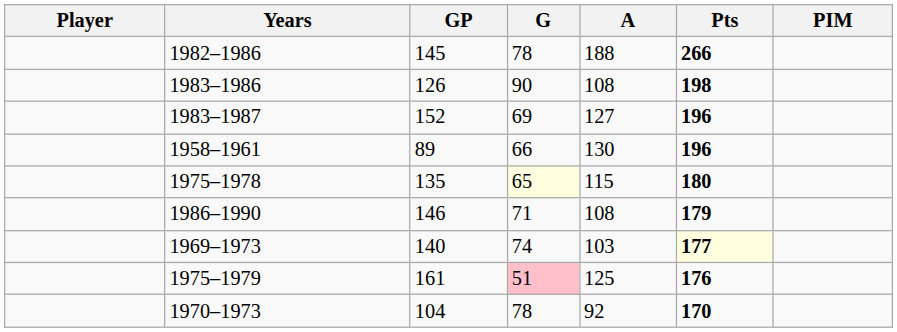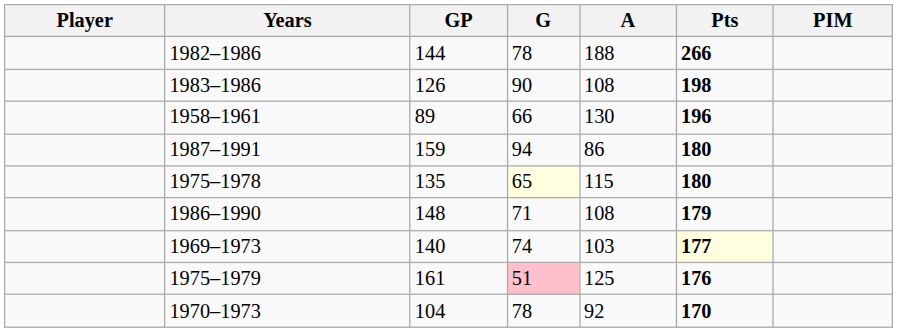 <table class="wikitable sortable" width ="700" cellpadding="1" border="1" cellspacing="0">
 <tr>
 <th>Player</th>
 <th>Years</th>
 <th>GP</th>
 <th>G</th>
 <th>A</th>
 <th>Pts</th>
 <th>PIM</th>
 </tr>
 <tr>
 <td></td>
 <td>1982–1986</td>
-<td>145</td>
+<td>144</td>
 <td>78</td>
 <td>188</td>
 <td><strong>266</strong></td>
 <td></td>
 </tr>
 <tr>
 <td></td>
 <td>1983–1986</td>
 <td>126</td>
 <td>90</td>
 <td>108</td>
 <td><strong>198</strong></td>
 <td></td>
 </tr>
 <tr>
 <td></td>
-<td>1983–1987</td>
-<td>152</td>
-<td>69</td>
-<td>127</td>
+<td>1958–1961</td>
+<td>89</td>
+<td>66</td>
+<td>130</td>
 <td><strong>196</strong></td>
 <td></td>
 </tr>
 <tr>
 <td></td>
-<td>1958–1961</td>
-<td>89</td>
-<td>66</td>
-<td>130</td>
-<td><strong>196</strong></td>
+<td>1987–1991</td>
+<td>159</td>
+<td>94</td>
+<td>86</td>
+<td><strong>180</strong></td>
 <td></td>
 </tr>
 <tr>
 <td></td>
 <td>1975–1978</td>
 <td>135</td>
 <td style="background: lightyellow;">65</td>
 <td>115</td>
 <td><strong>180</strong></td>
 <td></td>
 </tr>
 <tr>
 <td></td>
 <td>1986–1990</td>
-<td>146</td>
+<td>148</td>
 <td>71</td>
 <td>108</td>
 <td><strong>179</strong></td>
 <td></td>
 </tr>
 <tr>
 <td></td>
 <td>1969–1973</td>
 <td>140</td>
 <td>74</td>
 <td>103</td>
 <td style="background: lightyellow;"><strong>177</strong></td>
 <td></td>
 </tr>
 <tr>
 <td></td>
 <td>1975–1979</td>
 <td>161</td>
 <td style="background: pink;">51</td>
 <td>125</td>
 <td><strong>176</strong></td>
 <td></td>
 </tr>
 <tr>
 <td></td>
 <td>1970–1973</td>
 <td>104</td>
 <td>78</td>
 <td>92</td>
 <td><strong>170</strong></td>
 <td></td>
 </tr>
 </table>
